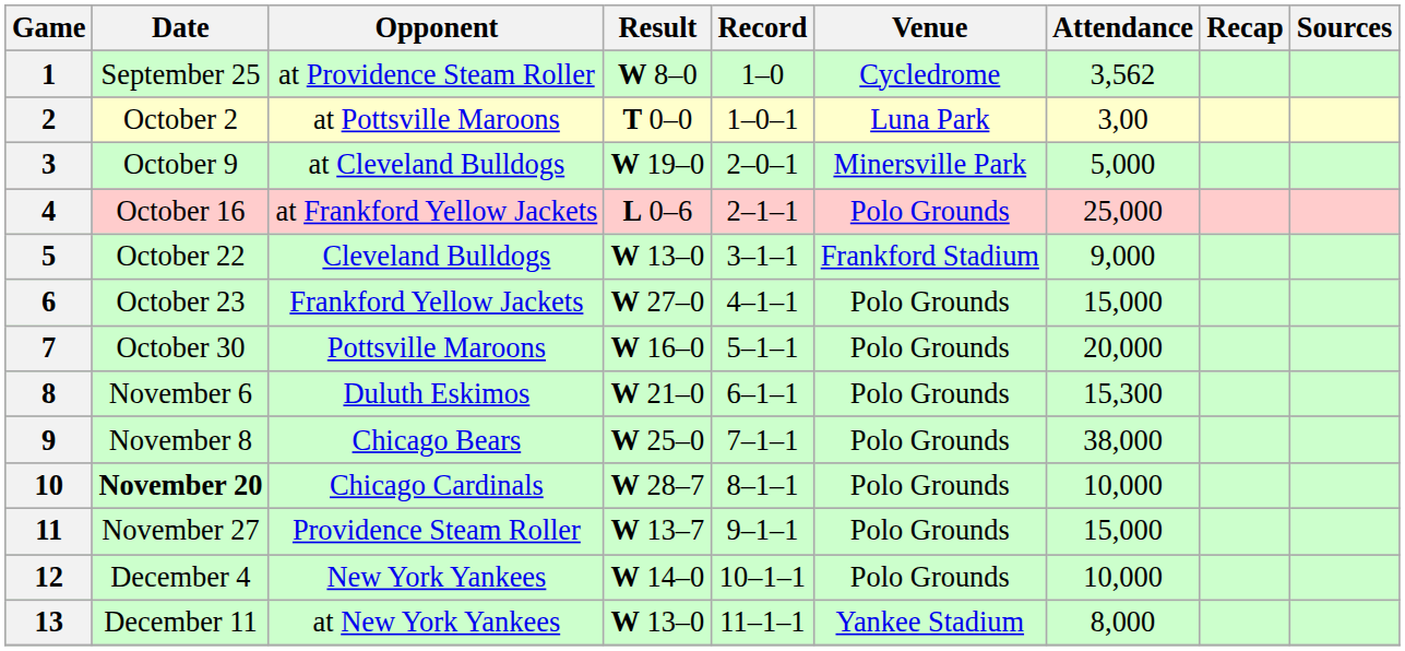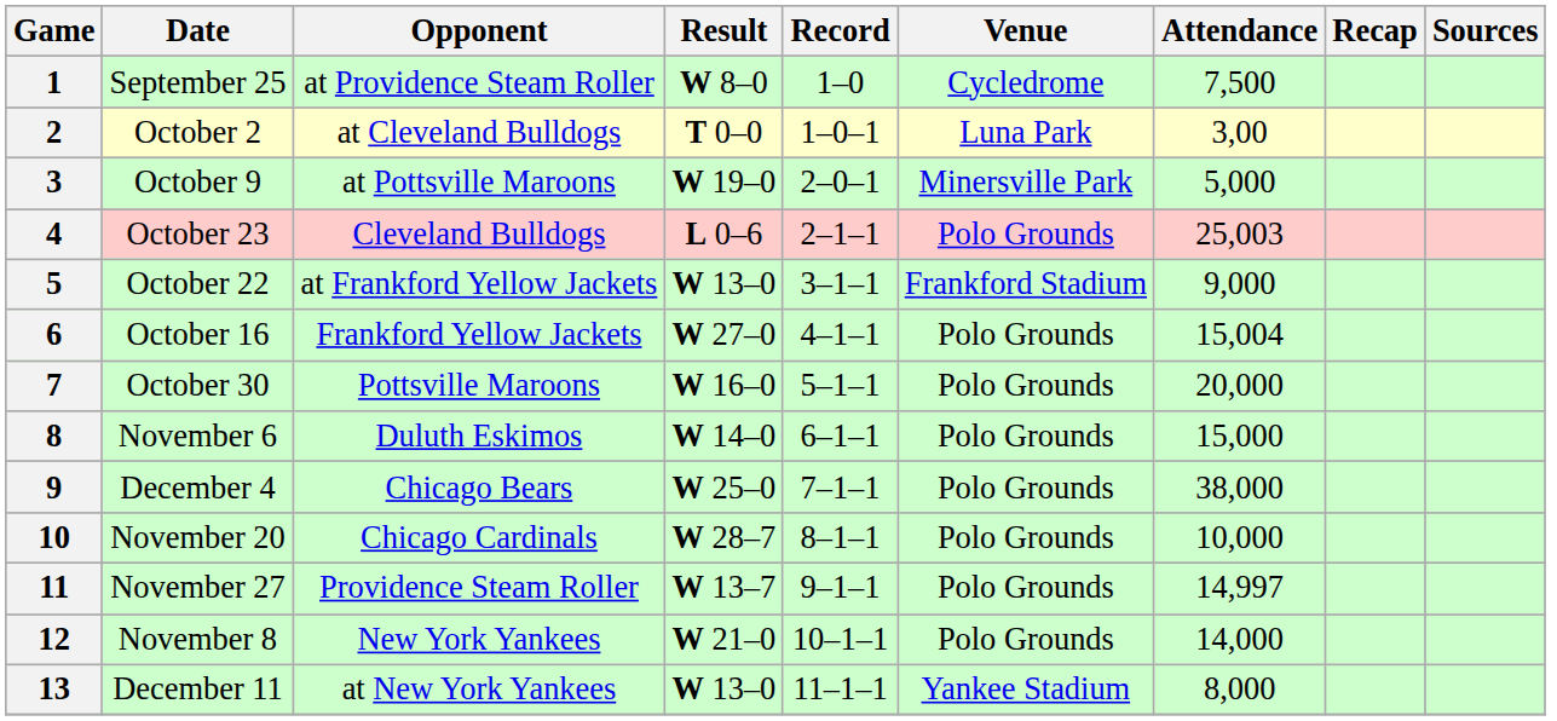 <table class="wikitable" style="text-align:center">
 <tr>
 <th>Game</th>
 <th>Date</th>
 <th>Opponent</th>
 <th>Result</th>
 <th>Record</th>
 <th>Venue</th>
 <th>Attendance</th>
 <th>Recap</th>
 <th>Sources</th>
 </tr>
 <tr style="background:#cfc">
 <th>1</th>
 <td>September 25</td>
 <td>at <a href='#'>Providence Steam Roller</a></td>
 <td><strong>W</strong> 8–0</td>
 <td>1–0</td>
 <td><a href='#'>Cycledrome</a></td>
-<td>3,562</td>
+<td>7,500</td>
 <td></td>
 <td></td>
 </tr>
 <tr style="background:#ffc">
 <th>2</th>
 <td>October 2</td>
-<td>at <a href='#'>Pottsville Maroons</a></td>
+<td>at <a href='#'>Cleveland Bulldogs</a></td>
 <td><strong>T</strong> 0–0</td>
 <td>1–0–1</td>
 <td><a href='#'>Luna Park</a></td>
 <td>3,00</td>
 <td></td>
 <td></td>
 </tr>
 <tr style="background:#cfc">
 <th>3</th>
 <td>October 9</td>
-<td>at <a href='#'>Cleveland Bulldogs</a></td>
+<td>at <a href='#'>Pottsville Maroons</a></td>
 <td><strong>W</strong> 19–0</td>
 <td>2–0–1</td>
 <td><a href='#'>Minersville Park</a></td>
 <td>5,000</td>
 <td></td>
 <td></td>
 </tr>
 <tr style="background:#fcc">
 <th>4</th>
-<td>October 16</td>
-<td>at <a href='#'>Frankford Yellow Jackets</a></td>
+<td>October 23</td>
+<td><a href='#'>Cleveland Bulldogs</a></td>
 <td><strong>L</strong> 0–6</td>
 <td>2–1–1</td>
 <td><a href='#'>Polo Grounds</a></td>
-<td>25,000</td>
+<td>25,003</td>
 <td></td>
 <td></td>
 </tr>
 <tr style="background:#cfc">
 <th>5</th>
 <td>October 22</td>
-<td><a href='#'>Cleveland Bulldogs</a></td>
+<td>at <a href='#'>Frankford Yellow Jackets</a></td>
 <td><strong>W</strong> 13–0</td>
 <td>3–1–1</td>
 <td><a href='#'>Frankford Stadium</a></td>
 <td>9,000</td>
 <td></td>
 <td></td>
 </tr>
 <tr style="background:#cfc">
 <th>6</th>
-<td>October 23</td>
+<td>October 16</td>
 <td><a href='#'>Frankford Yellow Jackets</a></td>
 <td><strong>W</strong> 27–0</td>
 <td>4–1–1</td>
 <td>Polo Grounds</td>
-<td>15,000</td>
+<td>15,004</td>
 <td></td>
 <td></td>
 </tr>
 <tr style="background:#cfc">
 <th>7</th>
 <td>October 30</td>
 <td><a href='#'>Pottsville Maroons</a></td>
 <td><strong>W</strong> 16–0</td>
 <td>5–1–1</td>
 <td>Polo Grounds</td>
 <td>20,000</td>
 <td></td>
 <td></td>
 </tr>
 <tr style="background:#cfc">
 <th>8</th>
 <td>November 6</td>
 <td><a href='#'>Duluth Eskimos</a></td>
-<td><strong>W</strong> 21–0</td>
+<td><strong>W</strong> 14–0</td>
 <td>6–1–1</td>
 <td>Polo Grounds</td>
-<td>15,300</td>
+<td>15,000</td>
 <td></td>
 <td></td>
 </tr>
 <tr style="background:#cfc">
 <th>9</th>
-<td>November 8</td>
+<td>December 4</td>
 <td><a href='#'>Chicago Bears</a></td>
 <td><strong>W</strong> 25–0</td>
 <td>7–1–1</td>
 <td>Polo Grounds</td>
 <td>38,000</td>
 <td></td>
 <td></td>
 </tr>
 <tr style="background:#cfc">
 <th>10</th>
-<td><strong>November 20</strong></td>
+<td>November 20</td>
 <td><a href='#'>Chicago Cardinals</a></td>
 <td><strong>W</strong> 28–7</td>
 <td>8–1–1</td>
 <td>Polo Grounds</td>
 <td>10,000</td>
 <td></td>
 <td></td>
 </tr>
 <tr style="background:#cfc">
 <th>11</th>
 <td>November 27</td>
 <td><a href='#'>Providence Steam Roller</a></td>
 <td><strong>W</strong> 13–7</td>
 <td>9–1–1</td>
 <td>Polo Grounds</td>
-<td>15,000</td>
+<td>14,997</td>
 <td></td>
 <td></td>
 </tr>
 <tr style="background:#cfc">
 <th>12</th>
-<td>December 4</td>
+<td>November 8</td>
 <td><a href='#'>New York Yankees</a></td>
-<td><strong>W</strong> 14–0</td>
+<td><strong>W</strong> 21–0</td>
 <td>10–1–1</td>
 <td>Polo Grounds</td>
-<td>10,000</td>
+<td>14,000</td>
 <td></td>
 <td></td>
 </tr>
 <tr style="background:#cfc">
 <th>13</th>
 <td>December 11</td>
 <td>at <a href='#'>New York Yankees</a></td>
 <td><strong>W</strong> 13–0</td>
 <td>11–1–1</td>
 <td><a href='#'>Yankee Stadium</a></td>
 <td>8,000</td>
 <td></td>
 <td></td>
 </tr>
 <tr>
 </tr>
 </table>
